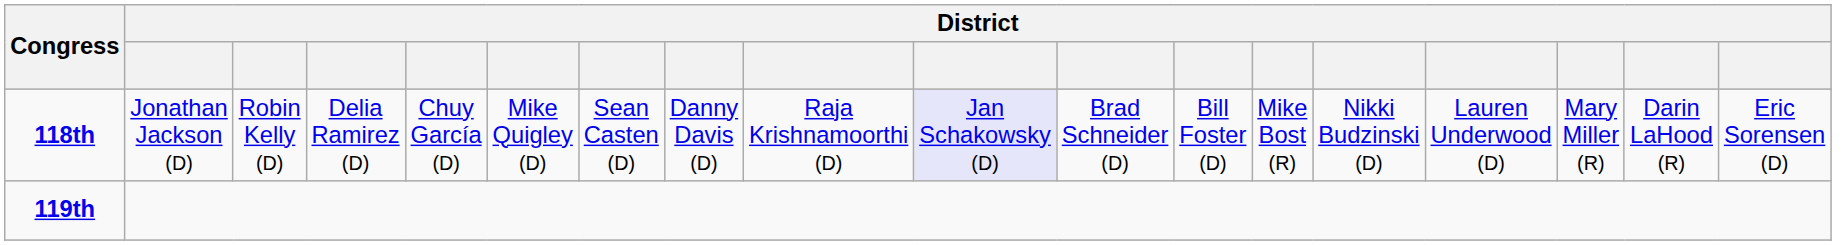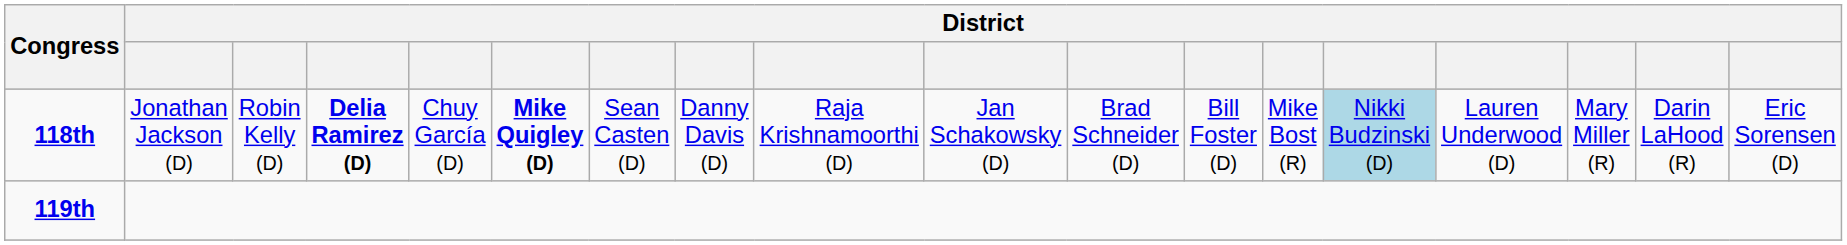 <table class=wikitable style="text-align:center">
 <tr>
 <th rowspan=2>Congress</th>
 <th colspan=17>District</th>
 </tr>
 <tr style="height:2em" style="height:2em">
 <th></th>
 <th></th>
 <th></th>
 <th></th>
 <th></th>
 <th></th>
 <th></th>
 <th></th>
 <th></th>
 <th></th>
 <th></th>
 <th></th>
 <th></th>
 <th></th>
 <th></th>
 <th></th>
 <th></th>
 </tr>
 <tr style="height:2.5em">
 <td><strong><a href='#'>118th</a></strong> </td>
 <td><a href='#'>Jonathan<br>Jackson</a><br><small>(D)</small></td>
 <td><a href='#'>Robin<br>Kelly</a><br><small>(D)</small></td>
-<td><a href='#'>Delia<br>Ramirez</a><br><small>(D)</small></td>
+<td><strong><a href='#'>Delia<br>Ramirez</a><br><small>(D)</small></strong></td>
 <td><a href='#'>Chuy<br>García</a><br><small>(D)</small></td>
-<td><a href='#'>Mike<br>Quigley</a><br><small>(D)</small></td>
+<td><strong><a href='#'>Mike<br>Quigley</a><br><small>(D)</small></strong></td>
 <td><a href='#'>Sean<br>Casten</a><br><small>(D)</small></td>
 <td><a href='#'>Danny<br>Davis</a><br><small>(D)</small></td>
 <td><a href='#'>Raja<br>Krishnamoorthi</a><br><small>(D)</small></td>
-<td style="background: lavender;"><a href='#'>Jan<br>Schakow­sky</a><br><small>(D)</small></td>
+<td><a href='#'>Jan<br>Schakow­sky</a><br><small>(D)</small></td>
 <td><a href='#'>Brad<br>Schneider</a><br><small>(D)</small></td>
 <td><a href='#'>Bill<br>Foster</a><br><small>(D)</small></td>
 <td><a href='#'>Mike<br>Bost</a><br><small>(R)</small></td>
-<td><a href='#'>Nikki<br>Budzinski</a><br><small>(D)</small></td>
+<td style="background: lightblue;"><a href='#'>Nikki<br>Budzinski</a><br><small>(D)</small></td>
 <td><a href='#'>Lauren<br>Underwood</a><br><small>(D)</small></td>
 <td><a href='#'>Mary<br>Miller</a><br><small>(R)</small></td>
 <td><a href='#'>Darin<br>LaHood</a><br><small>(R)</small></td>
 <td><a href='#'>Eric<br>Sorensen</a><br><small>(D)</small></td>
 </tr>
 <tr style="height:2.5em">
 <td><strong><a href='#'>119th</a></strong> </td>
 </tr>
 </table>
